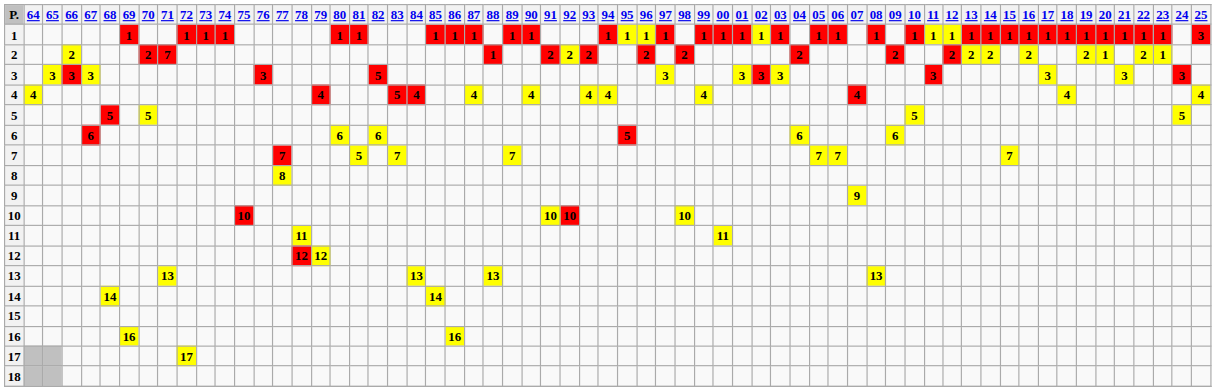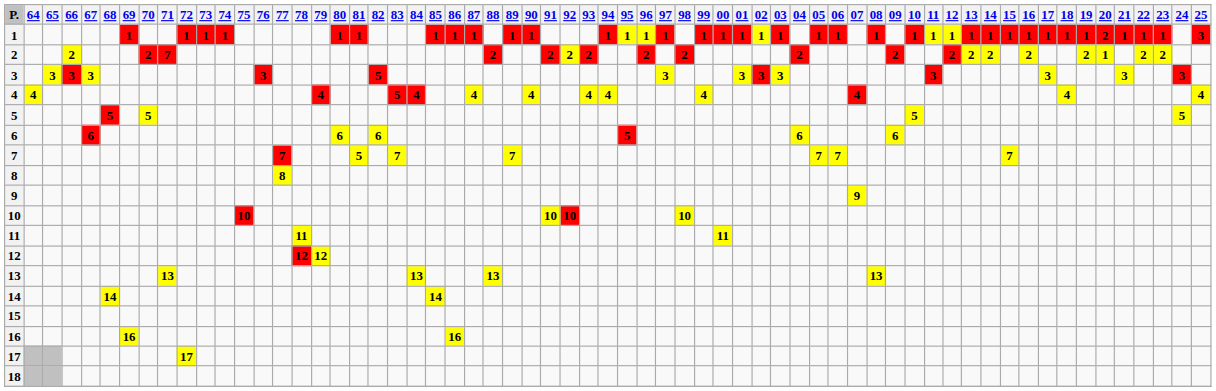 <table class="wikitable" style="text-align: center; font-size:70%">
 <tr>
 <th style="background:#c0c0c0">P.</th>
 <th><a href='#'>64</a></th>
 <th><a href='#'>65</a></th>
 <th><a href='#'>66</a></th>
 <th><a href='#'>67</a></th>
 <th><a href='#'>68</a></th>
 <th><a href='#'>69</a></th>
 <th><a href='#'>70</a></th>
 <th><a href='#'>71</a></th>
 <th><a href='#'>72</a></th>
 <th><a href='#'>73</a></th>
 <th><a href='#'>74</a></th>
 <th><a href='#'>75</a></th>
 <th><a href='#'>76</a></th>
 <th><a href='#'>77</a></th>
 <th><a href='#'>78</a></th>
 <th><a href='#'>79</a></th>
 <th><a href='#'>80</a></th>
 <th><a href='#'>81</a></th>
 <th><a href='#'>82</a></th>
 <th><a href='#'>83</a></th>
 <th><a href='#'>84</a></th>
 <th><a href='#'>85</a></th>
 <th><a href='#'>86</a></th>
 <th><a href='#'>87</a></th>
 <th><a href='#'>88</a></th>
 <th><a href='#'>89</a></th>
 <th><a href='#'>90</a></th>
 <th><a href='#'>91</a></th>
 <th><a href='#'>92</a></th>
 <th><a href='#'>93</a></th>
 <th><a href='#'>94</a></th>
 <th><a href='#'>95</a></th>
 <th><a href='#'>96</a></th>
 <th><a href='#'>97</a></th>
 <th><a href='#'>98</a></th>
 <th><a href='#'>99</a></th>
 <th><a href='#'>00</a></th>
 <th><a href='#'>01</a></th>
 <th><a href='#'>02</a></th>
 <th><a href='#'>03</a></th>
 <th><a href='#'>04</a></th>
 <th><a href='#'>05</a></th>
 <th><a href='#'>06</a></th>
 <th><a href='#'>07</a></th>
 <th><a href='#'>08</a></th>
 <th><a href='#'>09</a></th>
 <th><a href='#'>10</a></th>
 <th><a href='#'>11</a></th>
 <th><a href='#'>12</a></th>
 <th><a href='#'>13</a></th>
 <th><a href='#'>14</a></th>
 <th><a href='#'>15</a></th>
 <th><a href='#'>16</a></th>
 <th><a href='#'>17</a></th>
 <th><a href='#'>18</a></th>
 <th><a href='#'>19</a></th>
 <th><a href='#'>20</a></th>
 <th><a href='#'>21</a></th>
 <th><a href='#'>22</a></th>
 <th><a href='#'>23</a></th>
 <th><a href='#'>24</a></th>
 <th><a href='#'>25</a></th>
 </tr>
 <tr>
 <th>1</th>
 <td></td>
 <td></td>
 <td></td>
 <td></td>
 <td></td>
 <td style="background-color:red"><span><strong>1</strong></span></td>
 <td></td>
 <td></td>
 <td style="background-color:red"><span><strong>1</strong></span></td>
 <td style="background-color:red"><span><strong>1</strong></span></td>
 <td style="background-color:red"><span><strong>1</strong></span></td>
 <td></td>
 <td></td>
 <td></td>
 <td></td>
 <td></td>
 <td style="background-color:red"><span><strong>1</strong></span></td>
 <td style="background-color:red"><span><strong>1</strong></span></td>
 <td></td>
 <td></td>
 <td></td>
 <td style="background-color:red"><span><strong>1</strong></span></td>
 <td style="background-color:red"><span><strong>1</strong></span></td>
 <td style="background-color:red"><span><strong>1</strong></span></td>
 <td></td>
 <td style="background-color:red"><span><strong>1</strong></span></td>
 <td style="background-color:red"><span><strong>1</strong></span></td>
 <td></td>
 <td></td>
 <td></td>
 <td style="background-color:red"><span><strong>1</strong></span></td>
 <td style="background-color:yellow"><span><strong>1</strong></span></td>
 <td style="background-color:yellow"><span><strong>1</strong></span></td>
 <td style="background-color:red"><span><strong>1</strong></span></td>
 <td></td>
 <td style="background-color:red"><span><strong>1</strong></span></td>
 <td style="background-color:red"><span><strong>1</strong></span></td>
 <td style="background-color:red"><span><strong>1</strong></span></td>
 <td style="background-color:yellow"><span><strong>1</strong></span></td>
 <td style="background-color:red"><span><strong>1</strong></span></td>
 <td></td>
 <td style="background-color:red"><span><strong>1</strong></span></td>
 <td style="background-color:red"><span><strong>1</strong></span></td>
 <td></td>
 <td style="background-color:red"><span><strong>1</strong></span></td>
 <td></td>
 <td style="background-color:red"><span><strong>1</strong></span></td>
 <td style="background-color:yellow"><span><strong>1</strong></span></td>
 <td style="background-color:yellow"><span><strong>1</strong></span></td>
 <td style="background-color:red"><span><strong>1</strong></span></td>
 <td style="background-color:red"><span><strong>1</strong></span></td>
 <td style="background-color:red"><span><strong>1</strong></span></td>
 <td style="background-color:red"><span><strong>1</strong></span></td>
 <td style="background-color:red"><span><strong>1</strong></span></td>
 <td style="background-color:red"><span><strong>1</strong></span></td>
 <td style="background-color:red"><span><strong>1</strong></span></td>
-<td style="background-color:red"><span><strong>1</strong></span></td>
+<td style="background-color:red"><span><strong>2</strong></span></td>
 <td style="background-color:red"><span><strong>1</strong></span></td>
 <td style="background-color:red"><span><strong>1</strong></span></td>
 <td style="background-color:red"><span><strong>1</strong></span></td>
 <td></td>
 <td style="background-color:red"><span><strong>3</strong></span></td>
 </tr>
 <tr>
 <th>2</th>
 <td></td>
 <td></td>
 <td style="background-color:yellow"><span><strong>2</strong></span></td>
 <td></td>
 <td></td>
 <td></td>
 <td style="background-color:red"><span><strong>2</strong></span></td>
 <td style="background-color:red"><span><strong>7</strong></span></td>
 <td></td>
 <td></td>
 <td></td>
 <td></td>
 <td></td>
 <td></td>
 <td></td>
 <td></td>
 <td></td>
 <td></td>
 <td></td>
 <td></td>
 <td></td>
 <td></td>
 <td></td>
 <td></td>
-<td style="background-color:red"><span><strong>1</strong></span></td>
+<td style="background-color:red"><span><strong>2</strong></span></td>
 <td></td>
 <td></td>
 <td style="background-color:red"><span><strong>2</strong></span></td>
 <td style="background-color:yellow"><span><strong>2</strong></span></td>
 <td style="background-color:red"><span><strong>2</strong></span></td>
 <td></td>
 <td></td>
 <td style="background-color:red"><span><strong>2</strong></span></td>
 <td></td>
 <td style="background-color:red"><span><strong>2</strong></span></td>
 <td></td>
 <td></td>
 <td></td>
 <td></td>
 <td></td>
 <td style="background-color:red"><span><strong>2</strong></span></td>
 <td></td>
 <td></td>
 <td></td>
 <td></td>
 <td style="background-color:red"><span><strong>2</strong></span></td>
 <td></td>
 <td></td>
 <td style="background-color:red"><span><strong>2</strong></span></td>
 <td style="background-color:yellow"><span><strong>2</strong></span></td>
 <td style="background-color:yellow"><span><strong>2</strong></span></td>
 <td></td>
 <td style="background-color:yellow"><span><strong>2</strong></span></td>
 <td></td>
 <td></td>
 <td style="background-color:yellow"><span><strong>2</strong></span></td>
 <td style="background-color:yellow"><span><strong>1</strong></span></td>
 <td></td>
 <td style="background-color:yellow"><span><strong>2</strong></span></td>
-<td style="background-color:yellow"><span><strong>1</strong></span></td>
+<td style="background-color:yellow"><span><strong>2</strong></span></td>
 <td></td>
 <td></td>
 </tr>
 <tr>
 <th>3</th>
 <td></td>
 <td style="background-color:yellow"><span><strong>3</strong></span></td>
 <td style="background-color:red"><span><strong>3</strong></span></td>
 <td style="background-color:yellow"><span><strong>3</strong></span></td>
 <td></td>
 <td></td>
 <td></td>
 <td></td>
 <td></td>
 <td></td>
 <td></td>
 <td></td>
 <td style="background-color:red"><span><strong>3</strong></span></td>
 <td></td>
 <td></td>
 <td></td>
 <td></td>
 <td></td>
 <td style="background-color:red"><span><strong>5</strong></span></td>
 <td></td>
 <td></td>
 <td></td>
 <td></td>
 <td></td>
 <td></td>
 <td></td>
 <td></td>
 <td></td>
 <td></td>
 <td></td>
 <td></td>
 <td></td>
 <td></td>
 <td style="background-color:yellow"><span><strong>3</strong></span></td>
 <td></td>
 <td></td>
 <td></td>
 <td style="background-color:yellow"><span><strong>3</strong></span></td>
 <td style="background-color:red"><span><strong>3</strong></span></td>
 <td style="background-color:yellow"><span><strong>3</strong></span></td>
 <td></td>
 <td></td>
 <td></td>
 <td></td>
 <td></td>
 <td></td>
 <td></td>
 <td style="background-color:red"><span><strong>3</strong></span></td>
 <td></td>
 <td></td>
 <td></td>
 <td></td>
 <td></td>
 <td style="background-color:yellow"><span><strong>3</strong></span></td>
 <td></td>
 <td></td>
 <td></td>
 <td style="background-color:yellow"><span><strong>3</strong></span></td>
 <td></td>
 <td></td>
 <td style="background-color:red"><span><strong>3</strong></span></td>
 <td></td>
 </tr>
 <tr>
 <th>4</th>
 <td style="background-color:yellow"><span><strong>4</strong></span></td>
 <td></td>
 <td></td>
 <td></td>
 <td></td>
 <td></td>
 <td></td>
 <td></td>
 <td></td>
 <td></td>
 <td></td>
 <td></td>
 <td></td>
 <td></td>
 <td></td>
 <td style="background-color:red"><span><strong>4</strong></span></td>
 <td></td>
 <td></td>
 <td></td>
 <td style="background-color:red"><span><strong>5</strong></span></td>
 <td style="background-color:red"><span><strong>4</strong></span></td>
 <td></td>
 <td></td>
 <td style="background-color:yellow"><span><strong>4</strong></span></td>
 <td></td>
 <td></td>
 <td style="background-color:yellow"><span><strong>4</strong></span></td>
 <td></td>
 <td></td>
 <td style="background-color:yellow"><span><strong>4</strong></span></td>
 <td style="background-color:yellow"><span><strong>4</strong></span></td>
 <td></td>
 <td></td>
 <td></td>
 <td></td>
 <td style="background-color:yellow"><span><strong>4</strong></span></td>
 <td></td>
 <td></td>
 <td></td>
 <td></td>
 <td></td>
 <td></td>
 <td></td>
 <td style="background-color:red"><span><strong>4</strong></span></td>
 <td></td>
 <td></td>
 <td></td>
 <td></td>
 <td></td>
 <td></td>
 <td></td>
 <td></td>
 <td></td>
 <td></td>
 <td style="background-color:yellow"><span><strong>4</strong></span></td>
 <td></td>
 <td></td>
 <td></td>
 <td></td>
 <td></td>
 <td></td>
 <td style="background-color:yellow"><span><strong>4</strong></span></td>
 </tr>
 <tr>
 <th>5</th>
 <td></td>
 <td></td>
 <td></td>
 <td></td>
 <td style="background-color:red"><span><strong>5</strong></span></td>
 <td></td>
 <td style="background-color:yellow"><span><strong>5</strong></span></td>
 <td></td>
 <td></td>
 <td></td>
 <td></td>
 <td></td>
 <td></td>
 <td></td>
 <td></td>
 <td></td>
 <td></td>
 <td></td>
 <td></td>
 <td></td>
 <td></td>
 <td></td>
 <td></td>
 <td></td>
 <td></td>
 <td></td>
 <td></td>
 <td></td>
 <td></td>
 <td></td>
 <td></td>
 <td></td>
 <td></td>
 <td></td>
 <td></td>
 <td></td>
 <td></td>
 <td></td>
 <td></td>
 <td></td>
 <td></td>
 <td></td>
 <td></td>
 <td></td>
 <td></td>
 <td></td>
 <td style="background-color:yellow"><span><strong>5</strong></span></td>
 <td></td>
 <td></td>
 <td></td>
 <td></td>
 <td></td>
 <td></td>
 <td></td>
 <td></td>
 <td></td>
 <td></td>
 <td></td>
 <td></td>
 <td></td>
 <td style="background-color:yellow"><span><strong>5</strong></span></td>
 <td></td>
 </tr>
 <tr>
 <th>6</th>
 <td></td>
 <td></td>
 <td></td>
 <td style="background-color:red"><span><strong>6</strong></span></td>
 <td></td>
 <td></td>
 <td></td>
 <td></td>
 <td></td>
 <td></td>
 <td></td>
 <td></td>
 <td></td>
 <td></td>
 <td></td>
 <td></td>
 <td style="background-color:yellow"><span><strong>6</strong></span></td>
 <td></td>
 <td style="background-color:yellow"><span><strong>6</strong></span></td>
 <td></td>
 <td></td>
 <td></td>
 <td></td>
 <td></td>
 <td></td>
 <td></td>
 <td></td>
 <td></td>
 <td></td>
 <td></td>
 <td></td>
 <td style="background-color:red"><span><strong>5</strong></span></td>
 <td></td>
 <td></td>
 <td></td>
 <td></td>
 <td></td>
 <td></td>
 <td></td>
 <td></td>
 <td style="background-color:yellow"><span><strong>6</strong></span></td>
 <td></td>
 <td></td>
 <td></td>
 <td></td>
 <td style="background-color:yellow"><span><strong>6</strong></span></td>
 <td></td>
 <td></td>
 <td></td>
 <td></td>
 <td></td>
 <td></td>
 <td></td>
 <td></td>
 <td></td>
 <td></td>
 <td></td>
 <td></td>
 <td></td>
 <td></td>
 <td></td>
 <td></td>
 </tr>
 <tr>
 <th>7</th>
 <td></td>
 <td></td>
 <td></td>
 <td></td>
 <td></td>
 <td></td>
 <td></td>
 <td></td>
 <td></td>
 <td></td>
 <td></td>
 <td></td>
 <td></td>
 <td style="background-color:red"><span><strong>7</strong></span></td>
 <td></td>
 <td></td>
 <td></td>
 <td style="background-color:yellow"><span><strong>5</strong></span></td>
 <td></td>
 <td style="background-color:yellow"><span><strong>7</strong></span></td>
 <td></td>
 <td></td>
 <td></td>
 <td></td>
 <td></td>
 <td style="background-color:yellow"><span><strong>7</strong></span></td>
 <td></td>
 <td></td>
 <td></td>
 <td></td>
 <td></td>
 <td></td>
 <td></td>
 <td></td>
 <td></td>
 <td></td>
 <td></td>
 <td></td>
 <td></td>
 <td></td>
 <td></td>
 <td style="background-color:yellow"><span><strong>7</strong></span></td>
 <td style="background-color:yellow"><span><strong>7</strong></span></td>
 <td></td>
 <td></td>
 <td></td>
 <td></td>
 <td></td>
 <td></td>
 <td></td>
 <td></td>
 <td style="background-color:yellow"><span><strong>7</strong></span></td>
 <td></td>
 <td></td>
 <td></td>
 <td></td>
 <td></td>
 <td></td>
 <td></td>
 <td></td>
 <td></td>
 <td></td>
 </tr>
 <tr>
 <th>8</th>
 <td></td>
 <td></td>
 <td></td>
 <td></td>
 <td></td>
 <td></td>
 <td></td>
 <td></td>
 <td></td>
 <td></td>
 <td></td>
 <td></td>
 <td></td>
 <td style="background-color:yellow"><span><strong>8</strong></span></td>
 <td></td>
 <td></td>
 <td></td>
 <td></td>
 <td></td>
 <td></td>
 <td></td>
 <td></td>
 <td></td>
 <td></td>
 <td></td>
 <td></td>
 <td></td>
 <td></td>
 <td></td>
 <td></td>
 <td></td>
 <td></td>
 <td></td>
 <td></td>
 <td></td>
 <td></td>
 <td></td>
 <td></td>
 <td></td>
 <td></td>
 <td></td>
 <td></td>
 <td></td>
 <td></td>
 <td></td>
 <td></td>
 <td></td>
 <td></td>
 <td></td>
 <td></td>
 <td></td>
 <td></td>
 <td></td>
 <td></td>
 <td></td>
 <td></td>
 <td></td>
 <td></td>
 <td></td>
 <td></td>
 <td></td>
 <td></td>
 </tr>
 <tr>
 <th>9</th>
 <td></td>
 <td></td>
 <td></td>
 <td></td>
 <td></td>
 <td></td>
 <td></td>
 <td></td>
 <td></td>
 <td></td>
 <td></td>
 <td></td>
 <td></td>
 <td></td>
 <td></td>
 <td></td>
 <td></td>
 <td></td>
 <td></td>
 <td></td>
 <td></td>
 <td></td>
 <td></td>
 <td></td>
 <td></td>
 <td></td>
 <td></td>
 <td></td>
 <td></td>
 <td></td>
 <td></td>
 <td></td>
 <td></td>
 <td></td>
 <td></td>
 <td></td>
 <td></td>
 <td></td>
 <td></td>
 <td></td>
 <td></td>
 <td></td>
 <td></td>
 <td style="background-color:yellow"><span><strong>9</strong></span></td>
 <td></td>
 <td></td>
 <td></td>
 <td></td>
 <td></td>
 <td></td>
 <td></td>
 <td></td>
 <td></td>
 <td></td>
 <td></td>
 <td></td>
 <td></td>
 <td></td>
 <td></td>
 <td></td>
 <td></td>
 <td></td>
 </tr>
 <tr>
 <th>10</th>
 <td></td>
 <td></td>
 <td></td>
 <td></td>
 <td></td>
 <td></td>
 <td></td>
 <td></td>
 <td></td>
 <td></td>
 <td></td>
 <td style="background-color:red"><span><strong>10</strong></span></td>
 <td></td>
 <td></td>
 <td></td>
 <td></td>
 <td></td>
 <td></td>
 <td></td>
 <td></td>
 <td></td>
 <td></td>
 <td></td>
 <td></td>
 <td></td>
 <td></td>
 <td></td>
 <td style="background-color:yellow"><span><strong>10</strong></span></td>
 <td style="background-color:red"><span><strong>10</strong></span></td>
 <td></td>
 <td></td>
 <td></td>
 <td></td>
 <td></td>
 <td style="background-color:yellow"><span><strong>10</strong></span></td>
 <td></td>
 <td></td>
 <td></td>
 <td></td>
 <td></td>
 <td></td>
 <td></td>
 <td></td>
 <td></td>
 <td></td>
 <td></td>
 <td></td>
 <td></td>
 <td></td>
 <td></td>
 <td></td>
 <td></td>
 <td></td>
 <td></td>
 <td></td>
 <td></td>
 <td></td>
 <td></td>
 <td></td>
 <td></td>
 <td></td>
 <td></td>
 </tr>
 <tr>
 <th>11</th>
 <td></td>
 <td></td>
 <td></td>
 <td></td>
 <td></td>
 <td></td>
 <td></td>
 <td></td>
 <td></td>
 <td></td>
 <td></td>
 <td></td>
 <td></td>
 <td></td>
 <td style="background-color:yellow"><span><strong>11</strong></span></td>
 <td></td>
 <td></td>
 <td></td>
 <td></td>
 <td></td>
 <td></td>
 <td></td>
 <td></td>
 <td></td>
 <td></td>
 <td></td>
 <td></td>
 <td></td>
 <td></td>
 <td></td>
 <td></td>
 <td></td>
 <td></td>
 <td></td>
 <td></td>
 <td></td>
 <td style="background-color:yellow"><span><strong>11</strong></span></td>
 <td></td>
 <td></td>
 <td></td>
 <td></td>
 <td></td>
 <td></td>
 <td></td>
 <td></td>
 <td></td>
 <td></td>
 <td></td>
 <td></td>
 <td></td>
 <td></td>
 <td></td>
 <td></td>
 <td></td>
 <td></td>
 <td></td>
 <td></td>
 <td></td>
 <td></td>
 <td></td>
 <td></td>
 <td></td>
 </tr>
 <tr>
 <th>12</th>
 <td></td>
 <td></td>
 <td></td>
 <td></td>
 <td></td>
 <td></td>
 <td></td>
 <td></td>
 <td></td>
 <td></td>
 <td></td>
 <td></td>
 <td></td>
 <td></td>
 <td style="background-color:red"><span><strong>12</strong></span></td>
 <td style="background-color:yellow"><span><strong>12</strong></span></td>
 <td></td>
 <td></td>
 <td></td>
 <td></td>
 <td></td>
 <td></td>
 <td></td>
 <td></td>
 <td></td>
 <td></td>
 <td></td>
 <td></td>
 <td></td>
 <td></td>
 <td></td>
 <td></td>
 <td></td>
 <td></td>
 <td></td>
 <td></td>
 <td></td>
 <td></td>
 <td></td>
 <td></td>
 <td></td>
 <td></td>
 <td></td>
 <td></td>
 <td></td>
 <td></td>
 <td></td>
 <td></td>
 <td></td>
 <td></td>
 <td></td>
 <td></td>
 <td></td>
 <td></td>
 <td></td>
 <td></td>
 <td></td>
 <td></td>
 <td></td>
 <td></td>
 <td></td>
 <td></td>
 </tr>
 <tr>
 <th>13</th>
 <td></td>
 <td></td>
 <td></td>
 <td></td>
 <td></td>
 <td></td>
 <td></td>
 <td style="background-color:yellow"><span><strong>13</strong></span></td>
 <td></td>
 <td></td>
 <td></td>
 <td></td>
 <td></td>
 <td></td>
 <td></td>
 <td></td>
 <td></td>
 <td></td>
 <td></td>
 <td></td>
 <td style="background-color:yellow"><span><strong>13</strong></span></td>
 <td></td>
 <td></td>
 <td></td>
 <td style="background-color:yellow"><span><strong>13</strong></span></td>
 <td></td>
 <td></td>
 <td></td>
 <td></td>
 <td></td>
 <td></td>
 <td></td>
 <td></td>
 <td></td>
 <td></td>
 <td></td>
 <td></td>
 <td></td>
 <td></td>
 <td></td>
 <td></td>
 <td></td>
 <td></td>
 <td></td>
 <td style="background-color:yellow"><span><strong>13</strong></span></td>
 <td></td>
 <td></td>
 <td></td>
 <td></td>
 <td></td>
 <td></td>
 <td></td>
 <td></td>
 <td></td>
 <td></td>
 <td></td>
 <td></td>
 <td></td>
 <td></td>
 <td></td>
 <td></td>
 <td></td>
 </tr>
 <tr>
 <th>14</th>
 <td></td>
 <td></td>
 <td></td>
 <td></td>
 <td style="background-color:yellow"><span><strong>14</strong></span></td>
 <td></td>
 <td></td>
 <td></td>
 <td></td>
 <td></td>
 <td></td>
 <td></td>
 <td></td>
 <td></td>
 <td></td>
 <td></td>
 <td></td>
 <td></td>
 <td></td>
 <td></td>
 <td></td>
 <td style="background-color:yellow"><span><strong>14</strong></span></td>
 <td></td>
 <td></td>
 <td></td>
 <td></td>
 <td></td>
 <td></td>
 <td></td>
 <td></td>
 <td></td>
 <td></td>
 <td></td>
 <td></td>
 <td></td>
 <td></td>
 <td></td>
 <td></td>
 <td></td>
 <td></td>
 <td></td>
 <td></td>
 <td></td>
 <td></td>
 <td></td>
 <td></td>
 <td></td>
 <td></td>
 <td></td>
 <td></td>
 <td></td>
 <td></td>
 <td></td>
 <td></td>
 <td></td>
 <td></td>
 <td></td>
 <td></td>
 <td></td>
 <td></td>
 <td></td>
 <td></td>
 </tr>
 <tr>
 <th>15</th>
 <td></td>
 <td></td>
 <td></td>
 <td></td>
 <td></td>
 <td></td>
 <td></td>
 <td></td>
 <td></td>
 <td></td>
 <td></td>
 <td></td>
 <td></td>
 <td></td>
 <td></td>
 <td></td>
 <td></td>
 <td></td>
 <td></td>
 <td></td>
 <td></td>
 <td></td>
 <td></td>
 <td></td>
 <td></td>
 <td></td>
 <td></td>
 <td></td>
 <td></td>
 <td></td>
 <td></td>
 <td></td>
 <td></td>
 <td></td>
 <td></td>
 <td></td>
 <td></td>
 <td></td>
 <td></td>
 <td></td>
 <td></td>
 <td></td>
 <td></td>
 <td></td>
 <td></td>
 <td></td>
 <td></td>
 <td></td>
 <td></td>
 <td></td>
 <td></td>
 <td></td>
 <td></td>
 <td></td>
 <td></td>
 <td></td>
 <td></td>
 <td></td>
 <td></td>
 <td></td>
 <td></td>
 <td></td>
 </tr>
 <tr>
 <th>16</th>
 <td></td>
 <td></td>
 <td></td>
 <td></td>
 <td></td>
 <td style="background-color:yellow"><span><strong>16</strong></span></td>
 <td></td>
 <td></td>
 <td></td>
 <td></td>
 <td></td>
 <td></td>
 <td></td>
 <td></td>
 <td></td>
 <td></td>
 <td></td>
 <td></td>
 <td></td>
 <td></td>
 <td></td>
 <td></td>
 <td style="background-color:yellow"><span><strong>16</strong></span></td>
 <td></td>
 <td></td>
 <td></td>
 <td></td>
 <td></td>
 <td></td>
 <td></td>
 <td></td>
 <td></td>
 <td></td>
 <td></td>
 <td></td>
 <td></td>
 <td></td>
 <td></td>
 <td></td>
 <td></td>
 <td></td>
 <td></td>
 <td></td>
 <td></td>
 <td></td>
 <td></td>
 <td></td>
 <td></td>
 <td></td>
 <td></td>
 <td></td>
 <td></td>
 <td></td>
 <td></td>
 <td></td>
 <td></td>
 <td></td>
 <td></td>
 <td></td>
 <td></td>
 <td></td>
 <td></td>
 </tr>
 <tr>
 <th>17</th>
 <td style="background:#c0c0c0"></td>
 <td style="background:#c0c0c0"></td>
 <td></td>
 <td></td>
 <td></td>
 <td></td>
 <td></td>
 <td></td>
 <td style="background-color:yellow"><span><strong>17</strong></span></td>
 <td></td>
 <td></td>
 <td></td>
 <td></td>
 <td></td>
 <td></td>
 <td></td>
 <td></td>
 <td></td>
 <td></td>
 <td></td>
 <td></td>
 <td></td>
 <td></td>
 <td></td>
 <td></td>
 <td></td>
 <td></td>
 <td></td>
 <td></td>
 <td></td>
 <td></td>
 <td></td>
 <td></td>
 <td></td>
 <td></td>
 <td></td>
 <td></td>
 <td></td>
 <td></td>
 <td></td>
 <td></td>
 <td></td>
 <td></td>
 <td></td>
 <td></td>
 <td></td>
 <td></td>
 <td></td>
 <td></td>
 <td></td>
 <td></td>
 <td></td>
 <td></td>
 <td></td>
 <td></td>
 <td></td>
 <td></td>
 <td></td>
 <td></td>
 <td></td>
 <td></td>
 <td></td>
 </tr>
 <tr>
 <th>18</th>
 <td style="background:#c0c0c0"></td>
 <td style="background:#c0c0c0"></td>
 <td></td>
 <td></td>
 <td></td>
 <td></td>
 <td></td>
 <td></td>
 <td></td>
 <td></td>
 <td></td>
 <td></td>
 <td></td>
 <td></td>
 <td></td>
 <td></td>
 <td></td>
 <td></td>
 <td></td>
 <td></td>
 <td></td>
 <td></td>
 <td></td>
 <td></td>
 <td></td>
 <td></td>
 <td></td>
 <td></td>
 <td></td>
 <td></td>
 <td></td>
 <td></td>
 <td></td>
 <td></td>
 <td></td>
 <td></td>
 <td></td>
 <td></td>
 <td></td>
 <td></td>
 <td></td>
 <td></td>
 <td></td>
 <td></td>
 <td></td>
 <td></td>
 <td></td>
 <td></td>
 <td></td>
 <td></td>
 <td></td>
 <td></td>
 <td></td>
 <td></td>
 <td></td>
 <td></td>
 <td></td>
 <td></td>
 <td></td>
 <td></td>
 <td></td>
 <td></td>
 </tr>
 <tr>
 </tr>
 </table>
